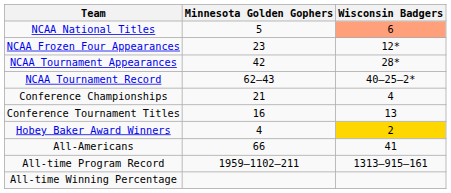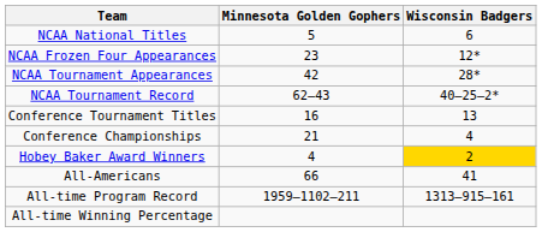 <table class="wikitable" style="text-align:center;">
 <tr>
 <th>Team</th>
 <th>Minnesota Golden Gophers</th>
 <th>Wisconsin Badgers</th>
 </tr>
 <tr>
 <td><a href='#'>NCAA National Titles</a></td>
 <td>5</td>
-<td style="background: lightsalmon;">6</td>
+<td>6</td>
 </tr>
 <tr>
 <td><a href='#'>NCAA Frozen Four Appearances</a></td>
 <td>23</td>
 <td>12*</td>
 </tr>
 <tr>
 <td><a href='#'>NCAA Tournament Appearances</a></td>
 <td>42</td>
 <td>28*</td>
 </tr>
 <tr>
 <td><a href='#'>NCAA Tournament Record</a></td>
 <td>62–43</td>
 <td>40–25–2*</td>
 </tr>
 <tr>
+<td>Conference Tournament Titles</td>
+<td>16</td>
+<td>13</td>
+</tr>
+<tr>
 <td>Conference Championships</td>
 <td>21</td>
 <td>4</td>
-</tr>
-<tr>
-<td>Conference Tournament Titles</td>
-<td>16</td>
-<td>13</td>
 </tr>
 <tr>
 <td><a href='#'>Hobey Baker Award Winners</a></td>
 <td>4</td>
 <td style="background: gold;">2</td>
 </tr>
 <tr>
 <td>All-Americans</td>
 <td>66</td>
 <td>41</td>
 </tr>
 <tr>
 <td>All-time Program Record</td>
 <td>1959–1102–211</td>
 <td>1313–915–161</td>
 </tr>
 <tr>
 <td>All-time Winning Percentage</td>
 <td></td>
 <td></td>
 </tr>
 </table>
